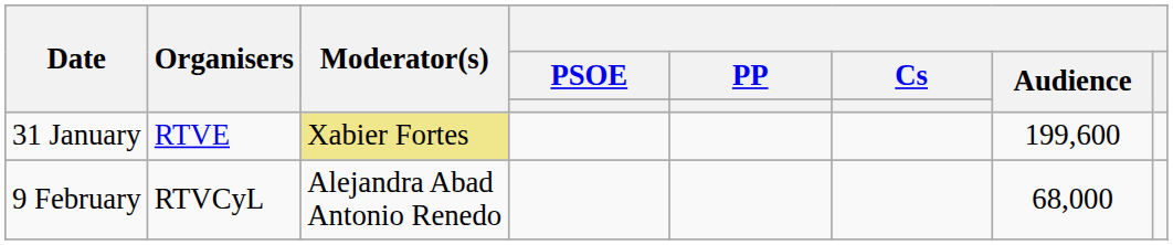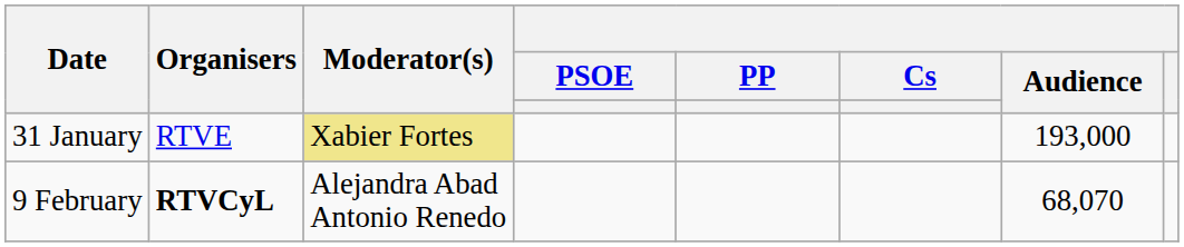 <table class="wikitable" style="text-align:center;">
 <tr>
 <th rowspan="3">Date</th>
 <th rowspan="3">Organisers</th>
 <th rowspan="3">Moderator(s)</th>
 <th colspan="5">    <br>   </th>
 </tr>
 <tr>
 <th scope="col" style="width:5em;"><a href='#'>PSOE</a></th>
 <th scope="col" style="width:5em;"><a href='#'>PP</a></th>
 <th scope="col" style="width:5em;"><a href='#'>Cs</a></th>
 <th rowspan="2" scope="col" style="width:5em;">Audience</th>
 <th rowspan="2"></th>
 </tr>
 <tr>
 <th style="color:inherit;background:"></th>
 <th style="color:inherit;background:"></th>
 <th style="color:inherit;background:"></th>
 </tr>
 <tr>
 <td style="white-space:nowrap; text-align:left;">31 January</td>
 <td style="white-space:nowrap; text-align:left;"><a href='#'>RTVE</a></td>
 <td style="background: khaki; white-space:nowrap; text-align:left;">Xabier Fortes</td>
 <td></td>
 <td></td>
 <td></td>
-<td>199,600<br></td>
+<td>193,000<br></td>
 <td><br></td>
 </tr>
 <tr>
 <td style="white-space:nowrap; text-align:left;">9 February</td>
-<td style="white-space:nowrap; text-align:left;">RTVCyL</td>
+<td style="white-space:nowrap; text-align:left;"><strong>RTVCyL</strong></td>
 <td style="white-space:nowrap; text-align:left;">Alejandra Abad<br>Antonio Renedo</td>
 <td></td>
 <td></td>
 <td></td>
-<td>68,000<br></td>
+<td>68,070<br></td>
 <td></td>
 </tr>
 </table>
